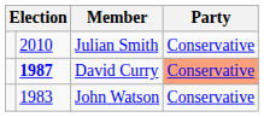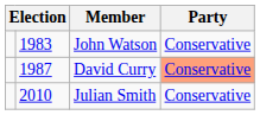 <table class="wikitable">
 <tr>
 <th colspan="2">Election</th>
 <th>Member</th>
 <th>Party</th>
 </tr>
 <tr>
 <td style="color:inherit;background-color: "></td>
-<td><a href='#'>2010</a></td>
-<td><a href='#'>Julian Smith</a></td>
+<td><a href='#'>1983</a></td>
+<td><a href='#'>John Watson</a></td>
 <td><a href='#'>Conservative</a></td>
 </tr>
 <tr>
 <td style="color:inherit;background-color: "></td>
-<td><strong><a href='#'>1987</a></strong></td>
+<td><a href='#'>1987</a></td>
 <td><a href='#'>David Curry</a></td>
 <td style="background: lightsalmon;"><a href='#'>Conservative</a></td>
 </tr>
 <tr>
 <td style="color:inherit;background-color: "></td>
-<td><a href='#'>1983</a></td>
-<td><a href='#'>John Watson</a></td>
+<td><a href='#'>2010</a></td>
+<td><a href='#'>Julian Smith</a></td>
 <td><a href='#'>Conservative</a></td>
 </tr>
 </table>
